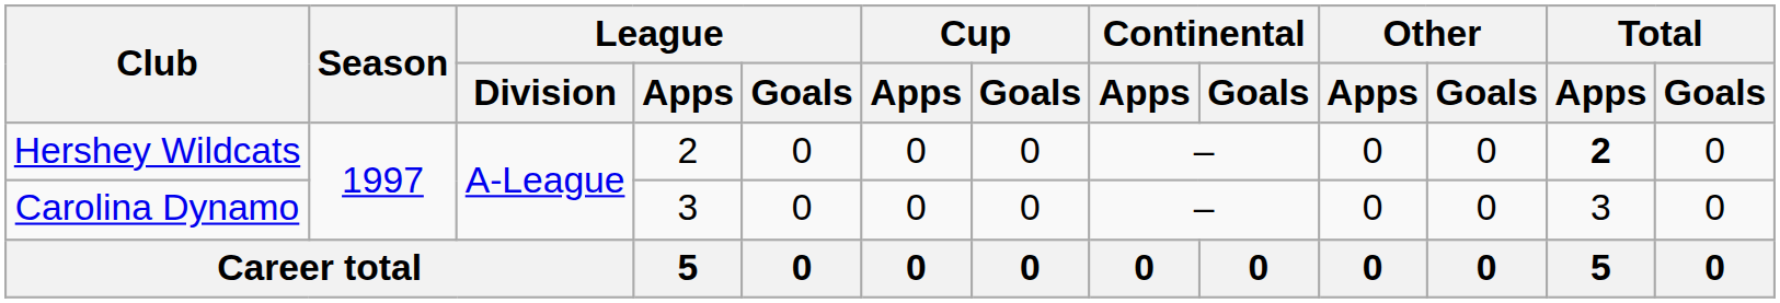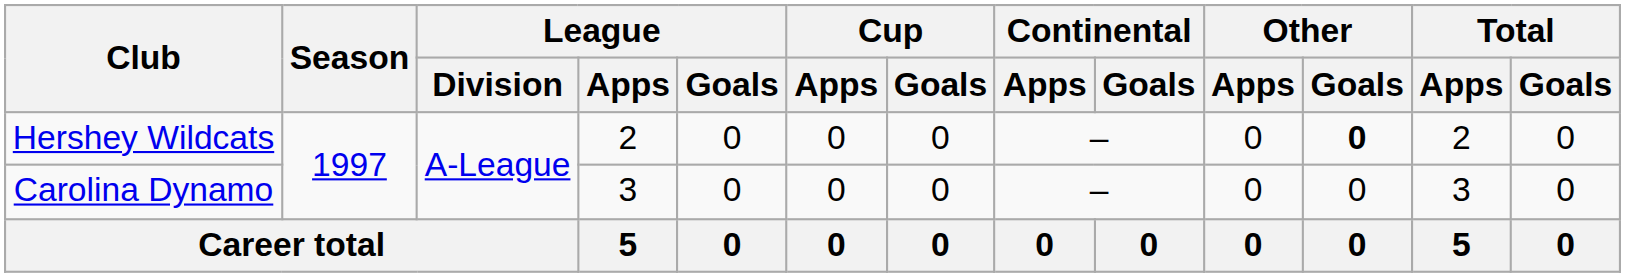 <table class="wikitable" style="text-align: center">
 <tr>
 <th rowspan="2">Club</th>
 <th rowspan="2">Season</th>
 <th colspan="3">League</th>
 <th colspan="2">Cup</th>
 <th colspan="2">Continental</th>
 <th colspan="2">Other</th>
 <th colspan="2">Total</th>
 </tr>
 <tr>
 <th>Division</th>
 <th>Apps</th>
 <th>Goals</th>
 <th>Apps</th>
 <th>Goals</th>
 <th>Apps</th>
 <th>Goals</th>
 <th>Apps</th>
 <th>Goals</th>
 <th>Apps</th>
 <th>Goals</th>
 </tr>
 <tr>
 <td><a href='#'>Hershey Wildcats</a></td>
 <td rowspan="2"><a href='#'>1997</a></td>
 <td rowspan="2"><a href='#'>A-League</a></td>
 <td>2</td>
 <td>0</td>
 <td>0</td>
 <td>0</td>
 <td colspan="2">–</td>
 <td>0</td>
-<td>0</td>
-<td><strong>2</strong></td>
+<td><strong>0</strong></td>
+<td>2</td>
 <td>0</td>
 </tr>
 <tr>
 <td><a href='#'>Carolina Dynamo</a></td>
 <td>3</td>
 <td>0</td>
 <td>0</td>
 <td>0</td>
 <td colspan="2">–</td>
 <td>0</td>
 <td>0</td>
 <td>3</td>
 <td>0</td>
 </tr>
 <tr>
 <th colspan="3"><strong>Career total</strong></th>
 <th>5</th>
 <th>0</th>
 <th>0</th>
 <th>0</th>
 <th>0</th>
 <th>0</th>
 <th>0</th>
 <th>0</th>
 <th>5</th>
 <th>0</th>
 </tr>
 </table>
